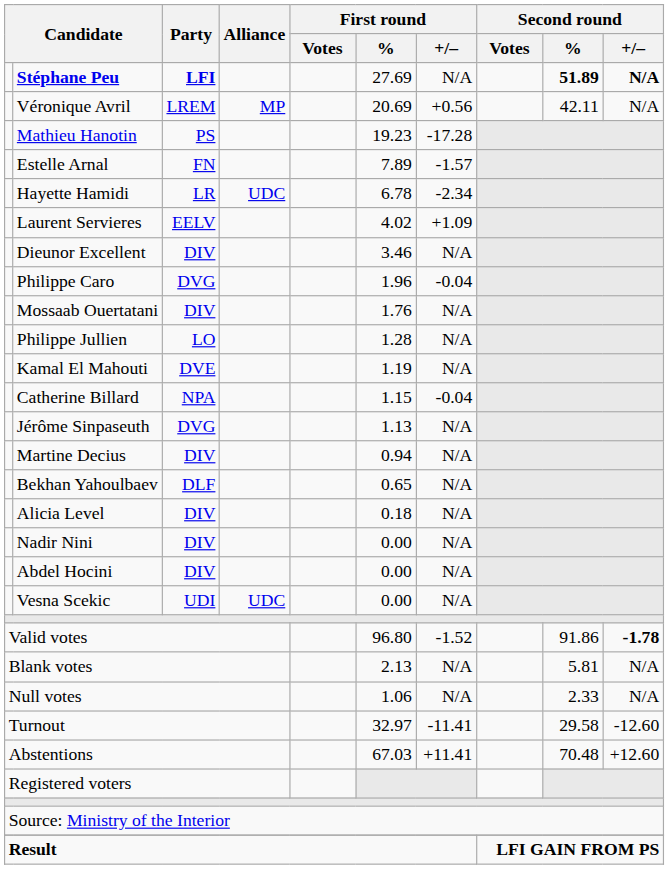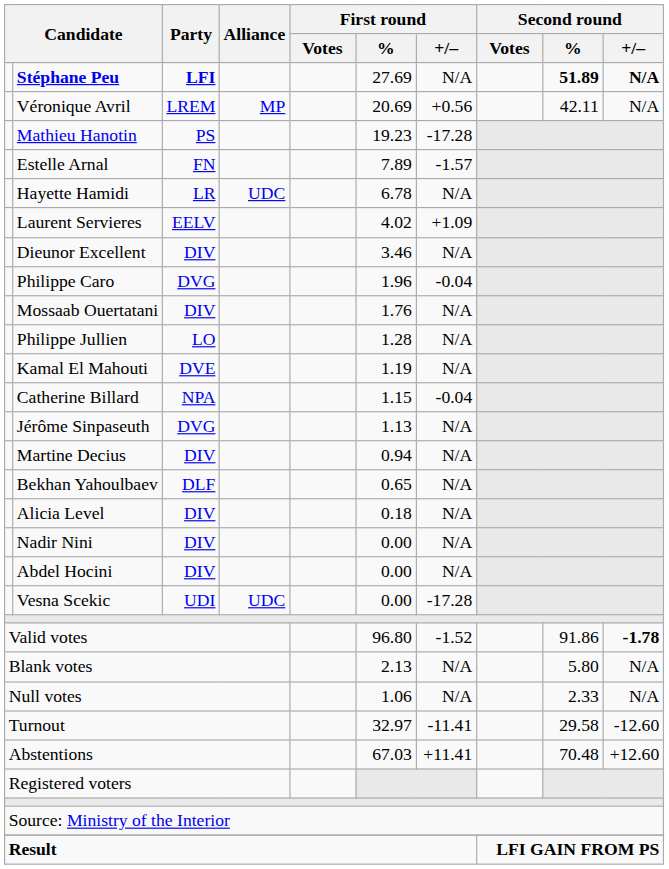 <table class="wikitable" style="text-align:right;font-size:95%;">
 <tr>
 <th rowspan="2" colspan="2">Candidate</th>
 <th rowspan="2">Party</th>
 <th rowspan="2">Alliance</th>
 <th colspan="3">First round</th>
 <th colspan="3">Second round</th>
 </tr>
 <tr>
 <th style="width:50px;">Votes</th>
 <th style="width:45px;">%</th>
 <th style="width:45px;">+/–</th>
 <th style="width:50px;">Votes</th>
 <th style="width:45px;">%</th>
 <th style="width:45px;">+/–</th>
 </tr>
 <tr>
 <td style="color:inherit;background:"></td>
 <td style="text-align:left;"><strong><a href='#'>Stéphane Peu</a></strong></td>
 <td><a href='#'><strong>LFI</strong></a> </td>
 <td></td>
 <td></td>
 <td>27.69</td>
 <td>N/A</td>
 <td><strong></strong></td>
 <td><strong>51.89</strong></td>
 <td><strong>N/A</strong></td>
 </tr>
 <tr>
 <td style="color:inherit;background:"></td>
 <td style="text-align:left;">Véronique Avril</td>
 <td><a href='#'>LREM</a> </td>
 <td><a href='#'>MP</a> </td>
 <td></td>
 <td>20.69</td>
 <td>+0.56</td>
 <td></td>
 <td>42.11</td>
 <td>N/A</td>
 </tr>
 <tr>
 <td style="color:inherit;background:"></td>
 <td style="text-align:left;"><a href='#'>Mathieu Hanotin</a></td>
 <td><a href='#'>PS</a></td>
 <td></td>
 <td></td>
 <td>19.23</td>
 <td>-17.28</td>
 <td colspan="3" style="background:#E9E9E9;"></td>
 </tr>
 <tr>
 <td style="color:inherit;background:"></td>
 <td style="text-align:left;">Estelle Arnal</td>
 <td><a href='#'>FN</a></td>
 <td></td>
 <td></td>
 <td>7.89</td>
 <td>-1.57</td>
 <td colspan="3" style="background:#E9E9E9;"></td>
 </tr>
 <tr>
 <td style="color:inherit;background:"></td>
 <td style="text-align:left;">Hayette Hamidi</td>
 <td><a href='#'>LR</a></td>
 <td><a href='#'>UDC</a></td>
 <td></td>
 <td>6.78</td>
-<td>-2.34</td>
+<td>N/A</td>
 <td colspan="3" style="background:#E9E9E9;"></td>
 </tr>
 <tr>
 <td style="color:inherit;background:"></td>
 <td style="text-align:left;">Laurent Servieres</td>
 <td><a href='#'>EELV</a></td>
 <td></td>
 <td></td>
 <td>4.02</td>
 <td>+1.09</td>
 <td colspan="3" style="background:#E9E9E9;"></td>
 </tr>
 <tr>
 <td style="color:inherit;background:"></td>
 <td style="text-align:left;">Dieunor Excellent</td>
 <td><a href='#'>DIV</a></td>
 <td></td>
 <td></td>
 <td>3.46</td>
 <td>N/A</td>
 <td colspan="3" style="background:#E9E9E9;"></td>
 </tr>
 <tr>
 <td style="color:inherit;background:"></td>
 <td style="text-align:left;">Philippe Caro</td>
 <td><a href='#'>DVG</a></td>
 <td></td>
 <td></td>
 <td>1.96</td>
 <td>-0.04</td>
 <td colspan="3" style="background:#E9E9E9;"></td>
 </tr>
 <tr>
 <td style="color:inherit;background:"></td>
 <td style="text-align:left;">Mossaab Ouertatani</td>
 <td><a href='#'>DIV</a></td>
 <td></td>
 <td></td>
 <td>1.76</td>
 <td>N/A</td>
 <td colspan="3" style="background:#E9E9E9;"></td>
 </tr>
 <tr>
 <td style="color:inherit;background:"></td>
 <td style="text-align:left;">Philippe Jullien</td>
 <td><a href='#'>LO</a></td>
 <td></td>
 <td></td>
 <td>1.28</td>
 <td>N/A</td>
 <td colspan="3" style="background:#E9E9E9;"></td>
 </tr>
 <tr>
 <td style="color:inherit;background:"></td>
 <td style="text-align:left;">Kamal El Mahouti</td>
 <td><a href='#'>DVE</a></td>
 <td></td>
 <td></td>
 <td>1.19</td>
 <td>N/A</td>
 <td colspan="3" style="background:#E9E9E9;"></td>
 </tr>
 <tr>
 <td style="color:inherit;background:"></td>
 <td style="text-align:left;">Catherine Billard</td>
 <td><a href='#'>NPA</a></td>
 <td></td>
 <td></td>
 <td>1.15</td>
 <td>-0.04</td>
 <td colspan="3" style="background:#E9E9E9;"></td>
 </tr>
 <tr>
 <td style="color:inherit;background:"></td>
 <td style="text-align:left;">Jérôme Sinpaseuth</td>
 <td><a href='#'>DVG</a></td>
 <td></td>
 <td></td>
 <td>1.13</td>
 <td>N/A</td>
 <td colspan="3" style="background:#E9E9E9;"></td>
 </tr>
 <tr>
 <td style="color:inherit;background:"></td>
 <td style="text-align:left;">Martine Decius</td>
 <td><a href='#'>DIV</a></td>
 <td></td>
 <td></td>
 <td>0.94</td>
 <td>N/A</td>
 <td colspan="3" style="background:#E9E9E9;"></td>
 </tr>
 <tr>
 <td style="color:inherit;background:"></td>
 <td style="text-align:left;">Bekhan Yahoulbaev</td>
 <td><a href='#'>DLF</a></td>
 <td></td>
 <td></td>
 <td>0.65</td>
 <td>N/A</td>
 <td colspan="3" style="background:#E9E9E9;"></td>
 </tr>
 <tr>
 <td style="color:inherit;background:"></td>
 <td style="text-align:left;">Alicia Level</td>
 <td><a href='#'>DIV</a></td>
 <td></td>
 <td></td>
 <td>0.18</td>
 <td>N/A</td>
 <td colspan="3" style="background:#E9E9E9;"></td>
 </tr>
 <tr>
 <td style="color:inherit;background:"></td>
 <td style="text-align:left;">Nadir Nini</td>
 <td><a href='#'>DIV</a></td>
 <td></td>
 <td></td>
 <td>0.00</td>
 <td>N/A</td>
 <td colspan="3" style="background:#E9E9E9;"></td>
 </tr>
 <tr>
 <td style="color:inherit;background:"></td>
 <td style="text-align:left;">Abdel Hocini</td>
 <td><a href='#'>DIV</a></td>
 <td></td>
 <td></td>
 <td>0.00</td>
 <td>N/A</td>
 <td colspan="3" style="background:#E9E9E9;"></td>
 </tr>
 <tr>
 <td style="color:inherit;background:"></td>
 <td style="text-align:left;">Vesna Scekic</td>
 <td><a href='#'>UDI</a></td>
 <td><a href='#'>UDC</a></td>
 <td></td>
 <td>0.00</td>
-<td>N/A</td>
+<td>-17.28</td>
 <td colspan="3" style="background:#E9E9E9;"></td>
 </tr>
 <tr>
 <td colspan="10" style="background:#E9E9E9;"></td>
 </tr>
 <tr>
 <td colspan="4" style="text-align:left;">Valid votes</td>
 <td></td>
 <td>96.80</td>
 <td>-1.52</td>
 <td></td>
 <td>91.86</td>
 <td><strong>-1.78</strong></td>
 </tr>
 <tr>
 <td colspan="4" style="text-align:left;">Blank votes</td>
 <td></td>
 <td>2.13</td>
 <td>N/A</td>
 <td></td>
-<td>5.81</td>
+<td>5.80</td>
 <td>N/A</td>
 </tr>
 <tr>
 <td colspan="4" style="text-align:left;">Null votes</td>
 <td></td>
 <td>1.06</td>
 <td>N/A</td>
 <td></td>
 <td>2.33</td>
 <td>N/A</td>
 </tr>
 <tr>
 <td colspan="4" style="text-align:left;">Turnout</td>
 <td></td>
 <td>32.97</td>
 <td>-11.41</td>
 <td></td>
 <td>29.58</td>
 <td>-12.60</td>
 </tr>
 <tr>
 <td colspan="4" style="text-align:left;">Abstentions</td>
 <td></td>
 <td>67.03</td>
 <td>+11.41</td>
 <td></td>
 <td>70.48</td>
 <td>+12.60</td>
 </tr>
 <tr>
 <td colspan="4" style="text-align:left;">Registered voters</td>
 <td></td>
 <td colspan="2" style="background:#E9E9E9;"></td>
 <td></td>
 <td colspan="2" style="background:#E9E9E9;"></td>
 </tr>
 <tr>
 <td colspan="10" style="background:#E9E9E9;"></td>
 </tr>
 <tr>
 <td colspan="10" style="text-align:left;">Source: <a href='#'>Ministry of the Interior</a></td>
 </tr>
 <tr>
 </tr>
 <tr style="font-weight:bold">
 <td colspan="7" style="text-align:left;">Result</td>
 <td colspan="7" style="background-color:">LFI GAIN FROM PS</td>
 </tr>
 </table>
